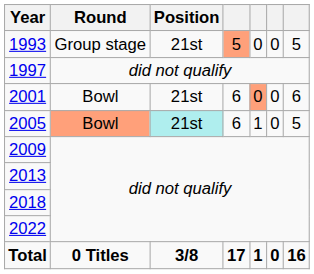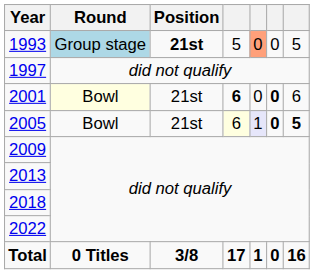 <table class = "wikitable" style = "text-align: center;">
 <tr>
 <th>Year</th>
 <th>Round</th>
 <th>Position</th>
 <th></th>
 <th></th>
 <th></th>
 <th></th>
 </tr>
 <tr>
 <td> <a href='#'> 1993</a></td>
-<td>Group stage</td>
-<td>21st</td>
-<td style="background: lightsalmon;">5</td>
-<td>0</td>
+<td style="background: lightblue;">Group stage</td>
+<td><strong>21st</strong></td>
+<td>5</td>
+<td style="background: lightsalmon;">0</td>
 <td>0</td>
 <td>5</td>
 </tr>
 <tr>
 <td> <a href='#'> 1997</a></td>
 <td colspan = 6><em>did not qualify</em></td>
 </tr>
 <tr>
 <td> <a href='#'> 2001</a></td>
-<td>Bowl</td>
+<td style="background: lightyellow;">Bowl</td>
 <td>21st</td>
-<td>6</td>
-<td style="background: lightsalmon;">0</td>
+<td><strong>6</strong></td>
 <td>0</td>
+<td><strong>0</strong></td>
 <td>6</td>
 </tr>
 <tr>
 <td> <a href='#'> 2005</a></td>
-<td style="background: lightsalmon;">Bowl</td>
-<td style="background: paleturquoise;">21st</td>
-<td>6</td>
-<td>1</td>
-<td>0</td>
-<td>5</td>
+<td>Bowl</td>
+<td>21st</td>
+<td style="background: lightyellow;">6</td>
+<td style="background: lavender;">1</td>
+<td><strong>0</strong></td>
+<td><strong>5</strong></td>
 </tr>
 <tr>
 <td> <a href='#'> 2009</a></td>
 <td rowspan = 4 colspan = 6><em>did not qualify</em></td>
 </tr>
 <tr>
 <td> <a href='#'> 2013</a></td>
 </tr>
 <tr>
 <td> <a href='#'> 2018</a></td>
 </tr>
 <tr>
 <td> <a href='#'> 2022</a></td>
 </tr>
 <tr>
 <td colspan = 1><strong>Total</strong></td>
 <td><strong>0 Titles</strong></td>
 <td><strong>3/8</strong></td>
 <td><strong>17</strong></td>
 <td><strong>1</strong></td>
 <td><strong>0</strong></td>
 <td><strong>16</strong></td>
 </tr>
 </table>
